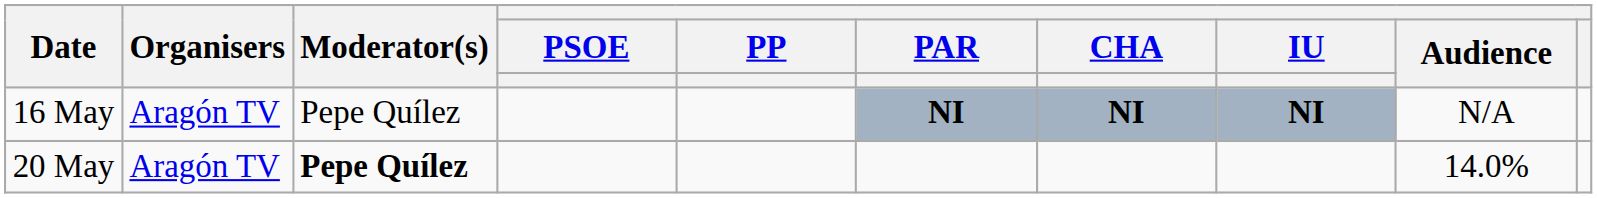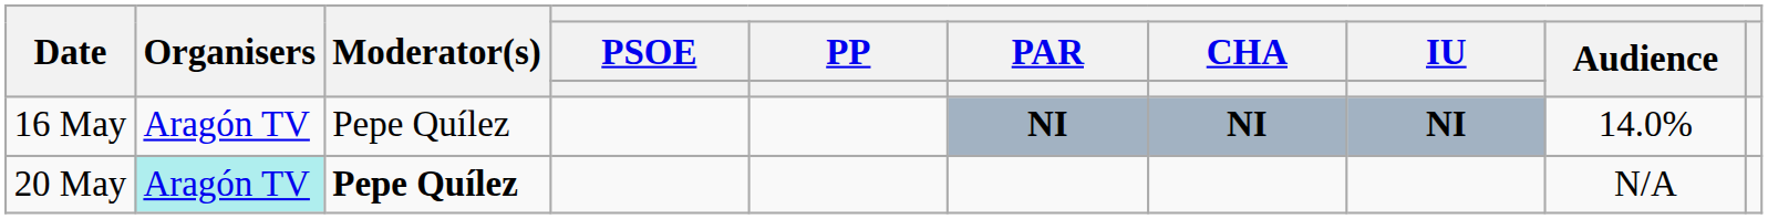 <table class="wikitable" style="text-align:center;">
 <tr>
 <th rowspan="3">Date</th>
 <th rowspan="3">Organisers</th>
 <th rowspan="3">Moderator(s)</th>
 <th colspan="7">    </th>
 </tr>
 <tr>
 <th scope="col" style="width:5em;"><a href='#'>PSOE</a></th>
 <th scope="col" style="width:5em;"><a href='#'>PP</a></th>
 <th scope="col" style="width:5em;"><a href='#'>PAR</a></th>
 <th scope="col" style="width:5em;"><a href='#'>CHA</a></th>
 <th scope="col" style="width:5em;"><a href='#'>IU</a></th>
 <th rowspan="2" scope="col" style="width:5em;">Audience</th>
 <th rowspan="2"></th>
 </tr>
 <tr>
 <th style="color:inherit;background:"></th>
 <th style="color:inherit;background:"></th>
 <th style="color:inherit;background:"></th>
 <th style="color:inherit;background:"></th>
 <th style="color:inherit;background:"></th>
 </tr>
 <tr>
 <td style="white-space:nowrap; text-align:left;">16 May</td>
 <td style="white-space:nowrap; text-align:left;"><a href='#'>Aragón TV</a></td>
 <td style="white-space:nowrap; text-align:left;">Pepe Quílez</td>
 <td></td>
 <td></td>
 <td style="background:#A2B2C2;"><strong>NI</strong></td>
 <td style="background:#A2B2C2;"><strong>NI</strong></td>
 <td style="background:#A2B2C2;"><strong>NI</strong></td>
-<td>N/A</td>
+<td>14.0%<br></td>
 <td><br></td>
 </tr>
 <tr>
 <td style="white-space:nowrap; text-align:left;">20 May</td>
-<td style="white-space:nowrap; text-align:left;"><a href='#'>Aragón TV</a></td>
+<td style="background: paleturquoise; white-space:nowrap; text-align:left;"><a href='#'>Aragón TV</a></td>
 <td style="white-space:nowrap; text-align:left;"><strong>Pepe Quílez</strong></td>
 <td></td>
 <td></td>
 <td></td>
 <td></td>
 <td></td>
-<td>14.0%<br></td>
+<td>N/A</td>
 <td></td>
 </tr>
 </table>
